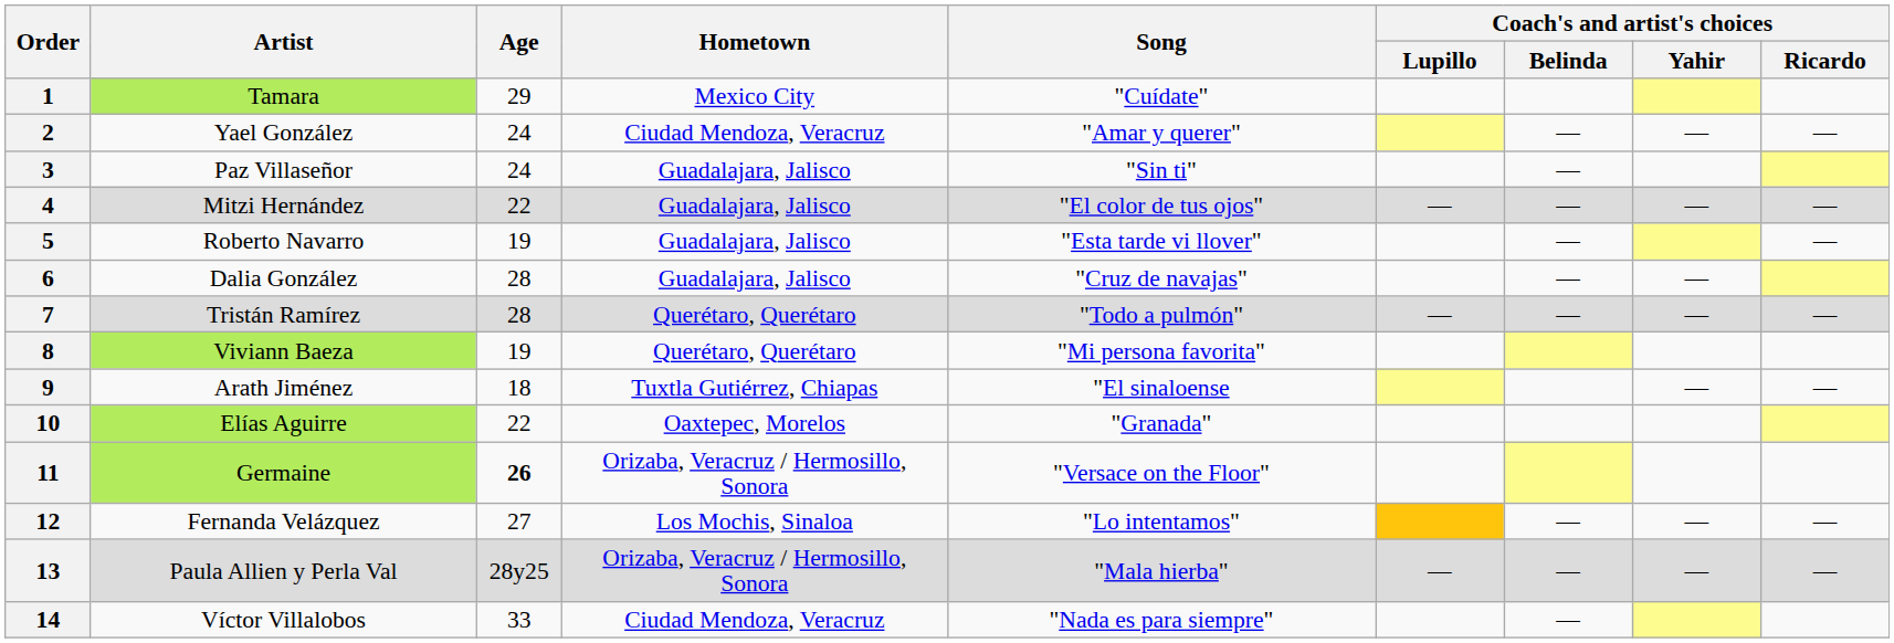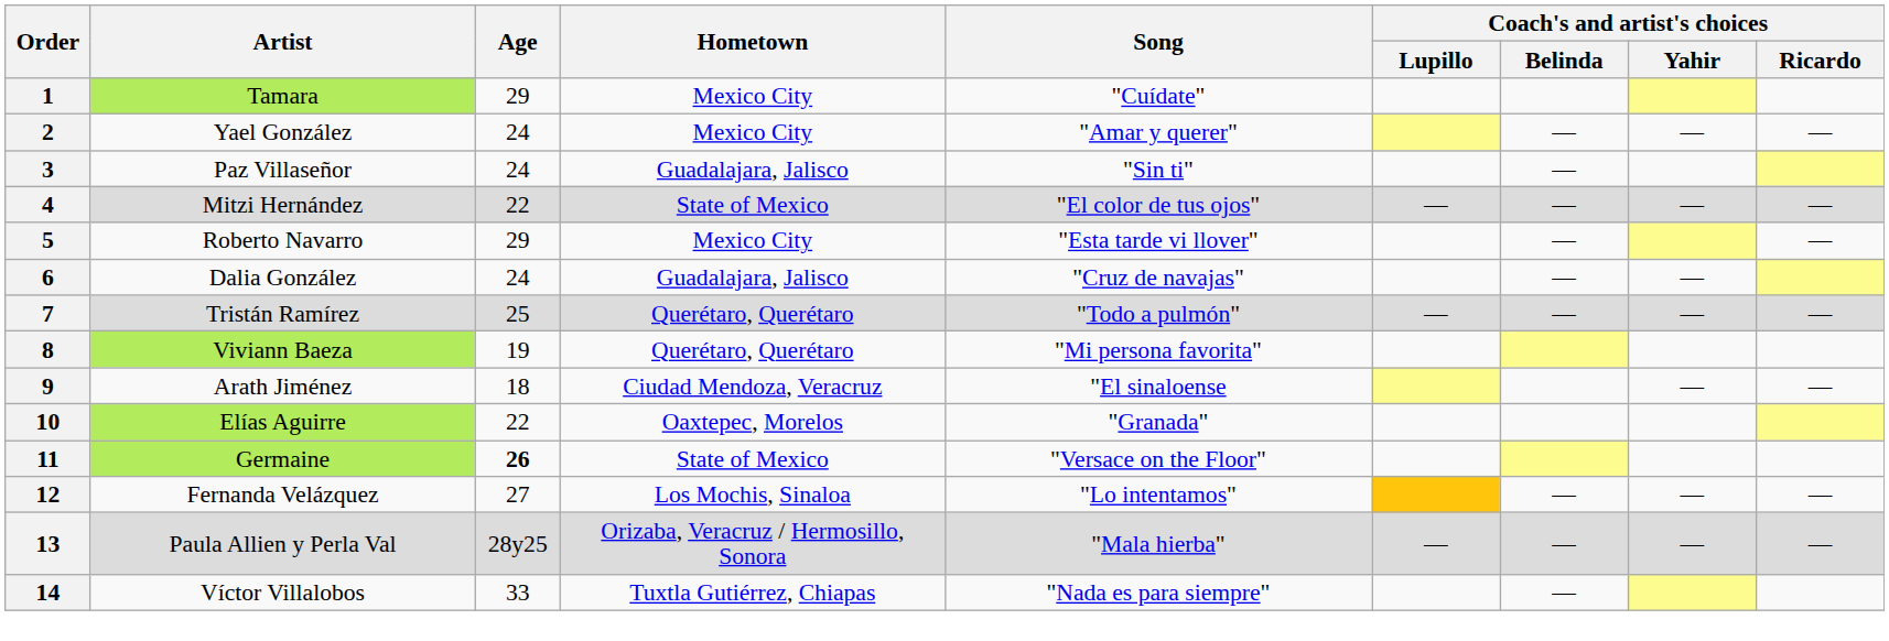 <table class="wikitable" style="text-align:center; line-height:17px; width:100%;">
 <tr>
 <th scope="col" rowspan="2" style="width:04%;">Order</th>
 <th scope="col" rowspan="2" style="width:18%;">Artist</th>
 <th scope="col" rowspan="2" style="width:04%;">Age</th>
 <th scope="col" rowspan="2" style="width:18%;">Hometown</th>
 <th scope="col" rowspan="2" style="width:20%;">Song</th>
 <th scope="col" colspan="4" style="width:24%;">Coach's and artist's choices</th>
 </tr>
 <tr>
 <th style="width:06%;">Lupillo</th>
 <th style="width:06%;">Belinda</th>
 <th style="width:06%;">Yahir</th>
 <th style="width:06%;">Ricardo</th>
 </tr>
 <tr>
 <th>1</th>
 <td style="background:#B2EC5D;">Tamara</td>
 <td>29</td>
 <td><a href='#'>Mexico City</a></td>
 <td>"<a href='#'>Cuídate</a>"</td>
 <td><strong></strong></td>
 <td><strong></strong></td>
 <td style="background:#fdfc8f;"><strong></strong></td>
 <td><strong></strong></td>
 </tr>
 <tr>
 <th>2</th>
 <td>Yael González</td>
 <td>24</td>
-<td><a href='#'>Ciudad Mendoza</a>, <a href='#'>Veracruz</a></td>
+<td><a href='#'>Mexico City</a></td>
 <td>"<a href='#'>Amar y querer</a>"</td>
 <td style="background:#fdfc8f;"><strong></strong></td>
 <td>—</td>
 <td>—</td>
 <td>—</td>
 </tr>
 <tr>
 <th>3</th>
 <td>Paz Villaseñor</td>
 <td>24</td>
 <td><a href='#'>Guadalajara</a>, <a href='#'>Jalisco</a></td>
 <td>"<a href='#'>Sin ti</a>"</td>
 <td></td>
 <td>—</td>
 <td><strong></strong></td>
 <td style="background:#fdfc8f;"><strong></strong></td>
 </tr>
 <tr style="background:#DCDCDC;">
 <th>4</th>
 <td>Mitzi Hernández</td>
 <td>22</td>
-<td><a href='#'>Guadalajara</a>, <a href='#'>Jalisco</a></td>
+<td><a href='#'>State of Mexico</a></td>
 <td>"<a href='#'>El color de tus ojos</a>"</td>
 <td>—</td>
 <td>—</td>
 <td>—</td>
 <td>—</td>
 </tr>
 <tr>
 <th>5</th>
 <td>Roberto Navarro</td>
-<td>19</td>
-<td><a href='#'>Guadalajara</a>, <a href='#'>Jalisco</a></td>
+<td>29</td>
+<td><a href='#'>Mexico City</a></td>
 <td>"<a href='#'>Esta tarde vi llover</a>"</td>
 <td><strong></strong></td>
 <td>—</td>
 <td style="background:#fdfc8f;"><strong></strong></td>
 <td>—</td>
 </tr>
 <tr>
 <th>6</th>
 <td>Dalia González</td>
-<td>28</td>
+<td>24</td>
 <td><a href='#'>Guadalajara</a>, <a href='#'>Jalisco</a></td>
 <td>"<a href='#'>Cruz de navajas</a>"</td>
 <td></td>
 <td>—</td>
 <td>—</td>
 <td style="background:#fdfc8f;"><strong></strong></td>
 </tr>
 <tr style="background:#DCDCDC;">
 <th>7</th>
 <td>Tristán Ramírez</td>
-<td>28</td>
+<td>25</td>
 <td><a href='#'>Querétaro</a>, <a href='#'>Querétaro</a></td>
 <td>"<a href='#'>Todo a pulmón</a>"</td>
 <td>—</td>
 <td>—</td>
 <td>—</td>
 <td>—</td>
 </tr>
 <tr>
 <th>8</th>
 <td style="background:#B2EC5D;">Viviann Baeza</td>
 <td>19</td>
 <td><a href='#'>Querétaro</a>, <a href='#'>Querétaro</a></td>
 <td>"<a href='#'>Mi persona favorita</a>"</td>
 <td><strong></strong></td>
 <td style="background:#fdfc8f;"><strong></strong></td>
 <td><strong></strong></td>
 <td><strong></strong></td>
 </tr>
 <tr>
 <th>9</th>
 <td>Arath Jiménez</td>
 <td>18</td>
-<td><a href='#'>Tuxtla Gutiérrez</a>, <a href='#'>Chiapas</a></td>
+<td><a href='#'>Ciudad Mendoza</a>, <a href='#'>Veracruz</a></td>
 <td>"<a href='#'>El sinaloense</a></td>
 <td style="background:#fdfc8f;"><strong></strong></td>
 <td><strong></strong></td>
 <td>—</td>
 <td>—</td>
 </tr>
 <tr>
 <th>10</th>
 <td style="background:#B2EC5D;">Elías Aguirre</td>
 <td>22</td>
 <td><a href='#'>Oaxtepec</a>, <a href='#'>Morelos</a></td>
 <td>"<a href='#'>Granada</a>"</td>
 <td><strong></strong></td>
 <td><strong></strong></td>
 <td><strong></strong></td>
 <td style="background:#fdfc8f;"><strong></strong></td>
 </tr>
 <tr>
 <th>11</th>
 <td style="background:#B2EC5D;">Germaine</td>
 <td><strong>26</strong></td>
-<td><a href='#'>Orizaba</a>, <a href='#'>Veracruz</a> / <a href='#'>Hermosillo</a>, <a href='#'>Sonora</a></td>
+<td><a href='#'>State of Mexico</a></td>
 <td>"<a href='#'>Versace on the Floor</a>"</td>
 <td><strong></strong></td>
 <td style="background:#fdfc8f;"><strong></strong></td>
 <td><strong></strong></td>
 <td><strong></strong></td>
 </tr>
 <tr>
 <th>12</th>
 <td>Fernanda Velázquez</td>
 <td>27</td>
 <td><a href='#'>Los Mochis</a>, <a href='#'>Sinaloa</a></td>
 <td>"<a href='#'>Lo intentamos</a>"</td>
 <td style="background:#ffc40c;"><strong></strong></td>
 <td>—</td>
 <td>—</td>
 <td>—</td>
 </tr>
 <tr style="background:#DCDCDC;">
 <th>13</th>
 <td>Paula Allien y Perla Val</td>
 <td>28y25</td>
 <td><a href='#'>Orizaba</a>, <a href='#'>Veracruz</a> / <a href='#'>Hermosillo</a>, <a href='#'>Sonora</a></td>
 <td>"<a href='#'>Mala hierba</a>"</td>
 <td>—</td>
 <td>—</td>
 <td>—</td>
 <td>—</td>
 </tr>
 <tr>
 <th>14</th>
 <td>Víctor Villalobos</td>
 <td>33</td>
-<td><a href='#'>Ciudad Mendoza</a>, <a href='#'>Veracruz</a></td>
+<td><a href='#'>Tuxtla Gutiérrez</a>, <a href='#'>Chiapas</a></td>
 <td>"<a href='#'>Nada es para siempre</a>"</td>
 <td><strong></strong></td>
 <td>—</td>
 <td style="background:#fdfc8f;"><strong></strong></td>
 <td><strong></strong></td>
 </tr>
 </table>
